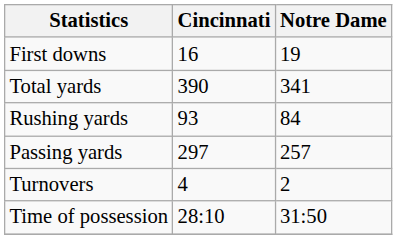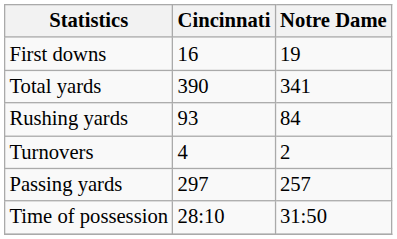 <table class="wikitable">
 <tr>
 <th>Statistics</th>
 <th>Cincinnati</th>
 <th>Notre Dame</th>
 </tr>
 <tr>
 <td>First downs</td>
 <td>16</td>
 <td>19</td>
 </tr>
 <tr>
 <td>Total yards</td>
 <td>390</td>
 <td>341</td>
 </tr>
 <tr>
 <td>Rushing yards</td>
 <td>93</td>
 <td>84</td>
 </tr>
 <tr>
+<td>Turnovers</td>
+<td>4</td>
+<td>2</td>
+</tr>
+<tr>
 <td>Passing yards</td>
 <td>297</td>
 <td>257</td>
-</tr>
-<tr>
-<td>Turnovers</td>
-<td>4</td>
-<td>2</td>
 </tr>
 <tr>
 <td>Time of possession</td>
 <td>28:10</td>
 <td>31:50</td>
 </tr>
 <tr>
 </tr>
 </table>
